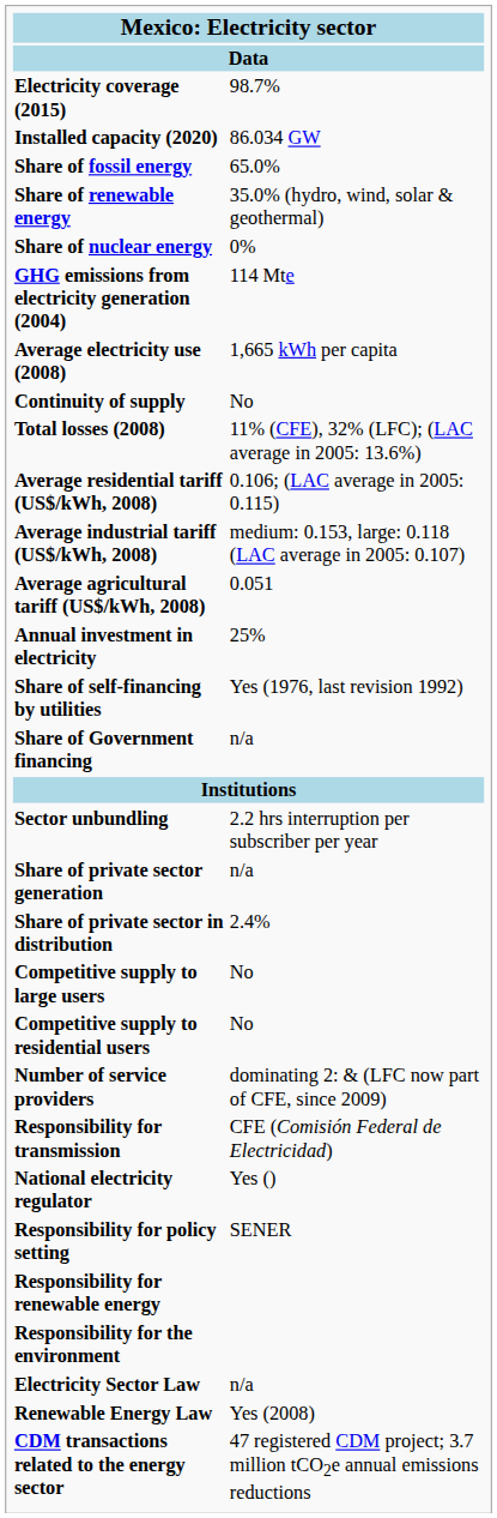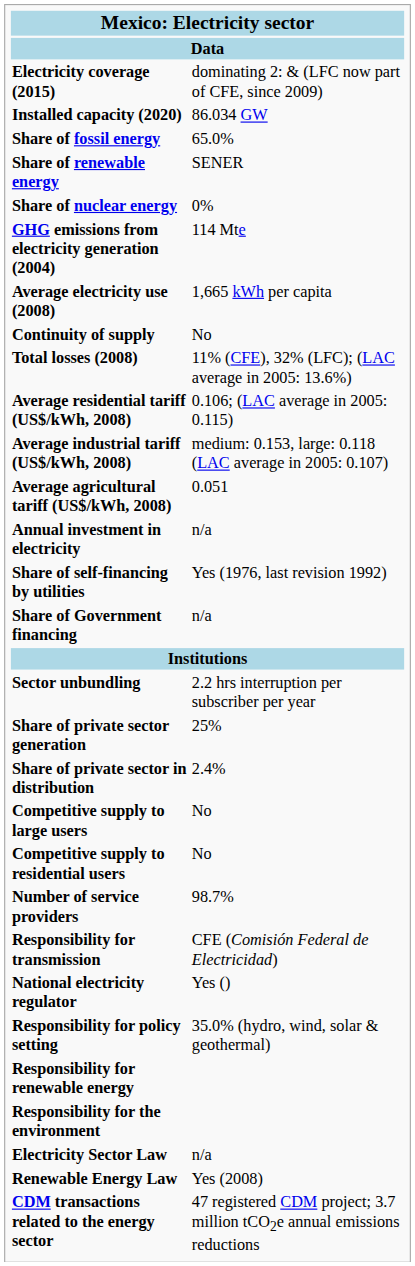 <table style="width: 25em; font-size: 90%; text-align: left;" class="infobox">
 <tr>
 <th style="text-align:center; background:lightblue;" colspan="2"><big>Mexico: Electricity sector</big></th>
 </tr>
 <tr>
 <th style="text-align:center; background:lightblue;" colspan="3">Data</th>
 </tr>
 <tr>
 <th style="text-align:left; vertical-align:top;">Electricity coverage (2015)</th>
-<td valign="top">98.7%</td>
+<td valign="top">dominating 2:  &  (LFC now part of CFE, since 2009)</td>
 </tr>
 <tr>
 <th style="text-align:left; vertical-align:top;">Installed capacity (2020)</th>
 <td valign="top">86.034 <a href='#'>GW</a></td>
 </tr>
 <tr>
 <th style="text-align:left; vertical-align:top;">Share of <a href='#'>fossil energy</a></th>
 <td valign="top">65.0%</td>
 </tr>
 <tr>
 <th style="text-align:left; vertical-align:top;">Share of <a href='#'>renewable energy</a></th>
-<td valign="top">35.0% (hydro, wind, solar & geothermal)</td>
+<td valign="top">SENER</td>
 </tr>
 <tr>
 <th style="text-align:left; vertical-align:top;">Share of <a href='#'>nuclear energy</a></th>
 <td valign="top">0%</td>
 </tr>
 <tr>
 <th style="text-align:left; vertical-align:top;"><a href='#'>GHG</a> emissions from electricity generation (2004)</th>
 <td valign="top">114 Mt<a href='#'>e</a></td>
 </tr>
 <tr>
 <th style="text-align:left; vertical-align:top;">Average electricity use (2008)</th>
 <td valign="top">1,665 <a href='#'>kWh</a> per capita</td>
 </tr>
 <tr>
 <th style="text-align:left; vertical-align:top;">Continuity of supply</th>
 <td valign="top">No</td>
 </tr>
 <tr>
 <th style="text-align:left; vertical-align:top;">Total losses (2008)</th>
 <td valign="top">11% (<a href='#'>CFE</a>), 32% (LFC); (<a href='#'>LAC</a> average in 2005: 13.6%)</td>
 </tr>
 <tr>
 <th style="text-align:left; vertical-align:top;">Average residential tariff (US$/kWh, 2008)</th>
 <td valign="top">0.106; (<a href='#'>LAC</a> average in 2005: 0.115)</td>
 </tr>
 <tr>
 <th style="text-align:left; vertical-align:top;">Average industrial tariff (US$/kWh, 2008)</th>
 <td valign="top">medium: 0.153, large: 0.118 (<a href='#'>LAC</a> average in 2005: 0.107)</td>
 </tr>
 <tr>
 <th style="text-align:left; vertical-align:top;">Average agricultural tariff (US$/kWh, 2008)</th>
 <td valign="top">0.051</td>
 </tr>
 <tr>
 <th style="text-align:left; vertical-align:top;">Annual investment in electricity</th>
-<td valign="top">25%</td>
+<td valign="top">n/a</td>
 </tr>
 <tr>
 <th style="text-align:left; vertical-align:top;">Share of self-financing by utilities</th>
 <td valign="top">Yes (1976, last revision 1992)</td>
 </tr>
 <tr>
 <th style="text-align:left; vertical-align:top;">Share of Government financing</th>
 <td valign="top">n/a</td>
 </tr>
 <tr>
 <th style="text-align:center; background:lightblue;" colspan="3">Institutions</th>
 </tr>
 <tr>
 <th style="text-align:left; vertical-align:top;">Sector unbundling</th>
 <td valign="top">2.2 hrs interruption per subscriber per year</td>
 </tr>
 <tr>
 <th style="text-align:left; vertical-align:top;">Share of private sector generation</th>
-<td valign="top">n/a</td>
+<td valign="top">25%</td>
 </tr>
 <tr>
 <th style="text-align:left; vertical-align:top;">Share of private sector in distribution</th>
 <td valign="top">2.4%</td>
 </tr>
 <tr>
 <th style="text-align:left; vertical-align:top;">Competitive supply to large users</th>
 <td valign="top">No</td>
 </tr>
 <tr>
 <th style="text-align:left; vertical-align:top;">Competitive supply to residential users</th>
 <td valign="top">No</td>
 </tr>
 <tr>
 <th style="text-align:left; vertical-align:top;">Number of service providers</th>
-<td valign="top">dominating 2:  &  (LFC now part of CFE, since 2009)</td>
+<td valign="top">98.7%</td>
 </tr>
 <tr>
 <th style="text-align:left; vertical-align:top;">Responsibility for transmission</th>
 <td valign="top">CFE (<em>Comisión Federal de Electricidad</em>)</td>
 </tr>
 <tr>
 <th style="text-align:left; vertical-align:top;">National electricity regulator</th>
 <td valign="top">Yes ()</td>
 </tr>
 <tr>
 <th style="text-align:left; vertical-align:top;">Responsibility for policy setting</th>
-<td valign="top">SENER</td>
+<td valign="top">35.0% (hydro, wind, solar & geothermal)</td>
 </tr>
 <tr>
 <th style="text-align:left; vertical-align:top;">Responsibility for renewable energy</th>
 <td valign="top"></td>
 </tr>
 <tr>
 <th style="text-align:left; vertical-align:top;">Responsibility for the environment</th>
 <td valign="top"></td>
 </tr>
 <tr>
 <th style="text-align:left; vertical-align:top;">Electricity Sector Law</th>
 <td valign="top">n/a</td>
 </tr>
 <tr>
 <th style="text-align:left; vertical-align:top;">Renewable Energy Law</th>
 <td valign="top">Yes (2008)</td>
 </tr>
 <tr>
 <th style="text-align:left; vertical-align:top;"><a href='#'>CDM</a> transactions related to the energy sector</th>
 <td valign="top">47 registered <a href='#'>CDM</a> project; 3.7 million tCO<sub>2</sub>e annual emissions reductions</td>
 </tr>
 </table>
